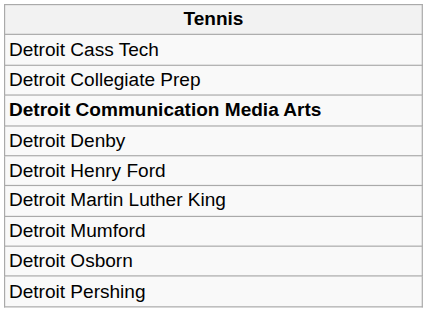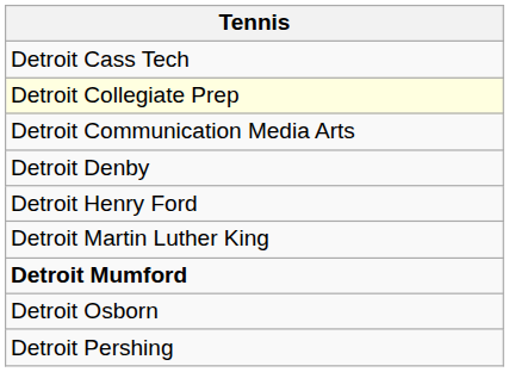 <table class="wikitable collapsible collapsed" style="width:22em">
 <tr>
 <th align=center>Tennis</th>
 </tr>
 <tr>
 <td>Detroit Cass Tech</td>
 </tr>
 <tr>
-<td>Detroit Collegiate Prep</td>
+<td style="background: lightyellow;">Detroit Collegiate Prep</td>
 </tr>
 <tr>
-<td><strong>Detroit Communication Media Arts</strong></td>
+<td>Detroit Communication Media Arts</td>
 </tr>
 <tr>
 <td>Detroit Denby</td>
 </tr>
 <tr>
 <td>Detroit Henry Ford</td>
 </tr>
 <tr>
 <td>Detroit Martin Luther King</td>
 </tr>
 <tr>
-<td>Detroit Mumford</td>
+<td><strong>Detroit Mumford</strong></td>
 </tr>
 <tr>
 <td>Detroit Osborn</td>
 </tr>
 <tr>
 <td>Detroit Pershing</td>
 </tr>
 </table>
